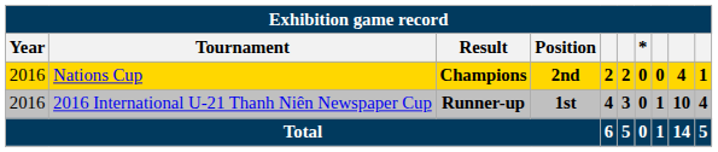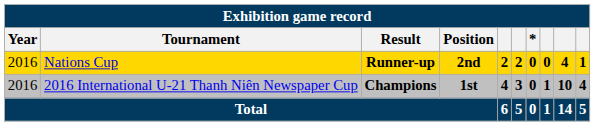 <table class="wikitable" style="text-align: center;">
 <tr>
 <th colspan=10 style="background: #013A5E; color: #FFFFFF;">Exhibition game record</th>
 </tr>
 <tr>
 <th>Year</th>
 <th>Tournament</th>
 <th>Result</th>
 <th>Position</th>
 <th></th>
 <th></th>
 <th>*</th>
 <th></th>
 <th></th>
 <th></th>
 </tr>
 <tr bgcolor=gold>
 <td style="text-align: left">2016</td>
 <td style="text-align: left"> <a href='#'>Nations Cup</a></td>
-<td><strong>Champions</strong></td>
+<td><strong>Runner-up</strong></td>
 <td><strong>2nd</strong></td>
 <td><strong>2</strong></td>
 <td><strong>2</strong></td>
 <td><strong>0</strong></td>
 <td><strong>0</strong></td>
 <td><strong>4</strong></td>
 <td><strong>1</strong></td>
 </tr>
 <tr bgcolor=silver>
 <td style="text-align: left">2016</td>
 <td style="text-align: left"> <a href='#'>2016 International U-21 Thanh Niên Newspaper Cup</a></td>
-<td><strong>Runner-up</strong></td>
+<td><strong>Champions</strong></td>
 <td><strong>1st</strong></td>
 <td><strong>4</strong></td>
 <td><strong>3</strong></td>
 <td><strong>0</strong></td>
 <td><strong>1</strong></td>
 <td><strong>10</strong></td>
 <td><strong>4</strong></td>
 </tr>
 <tr>
 <td colspan=4 style="background: #013A5E; color: #FFFFFF;"><strong>Total</strong></td>
 <td style="background: #013A5E; color: #FFFFFF;"><strong>6</strong></td>
 <td style="background: #013A5E; color: #FFFFFF;"><strong>5</strong></td>
 <td style="background: #013A5E; color: #FFFFFF;"><strong>0</strong></td>
 <td style="background: #013A5E; color: #FFFFFF;"><strong>1</strong></td>
 <td style="background: #013A5E; color: #FFFFFF;"><strong>14</strong></td>
 <td style="background: #013A5E; color: #FFFFFF;"><strong>5</strong></td>
 </tr>
 </table>
